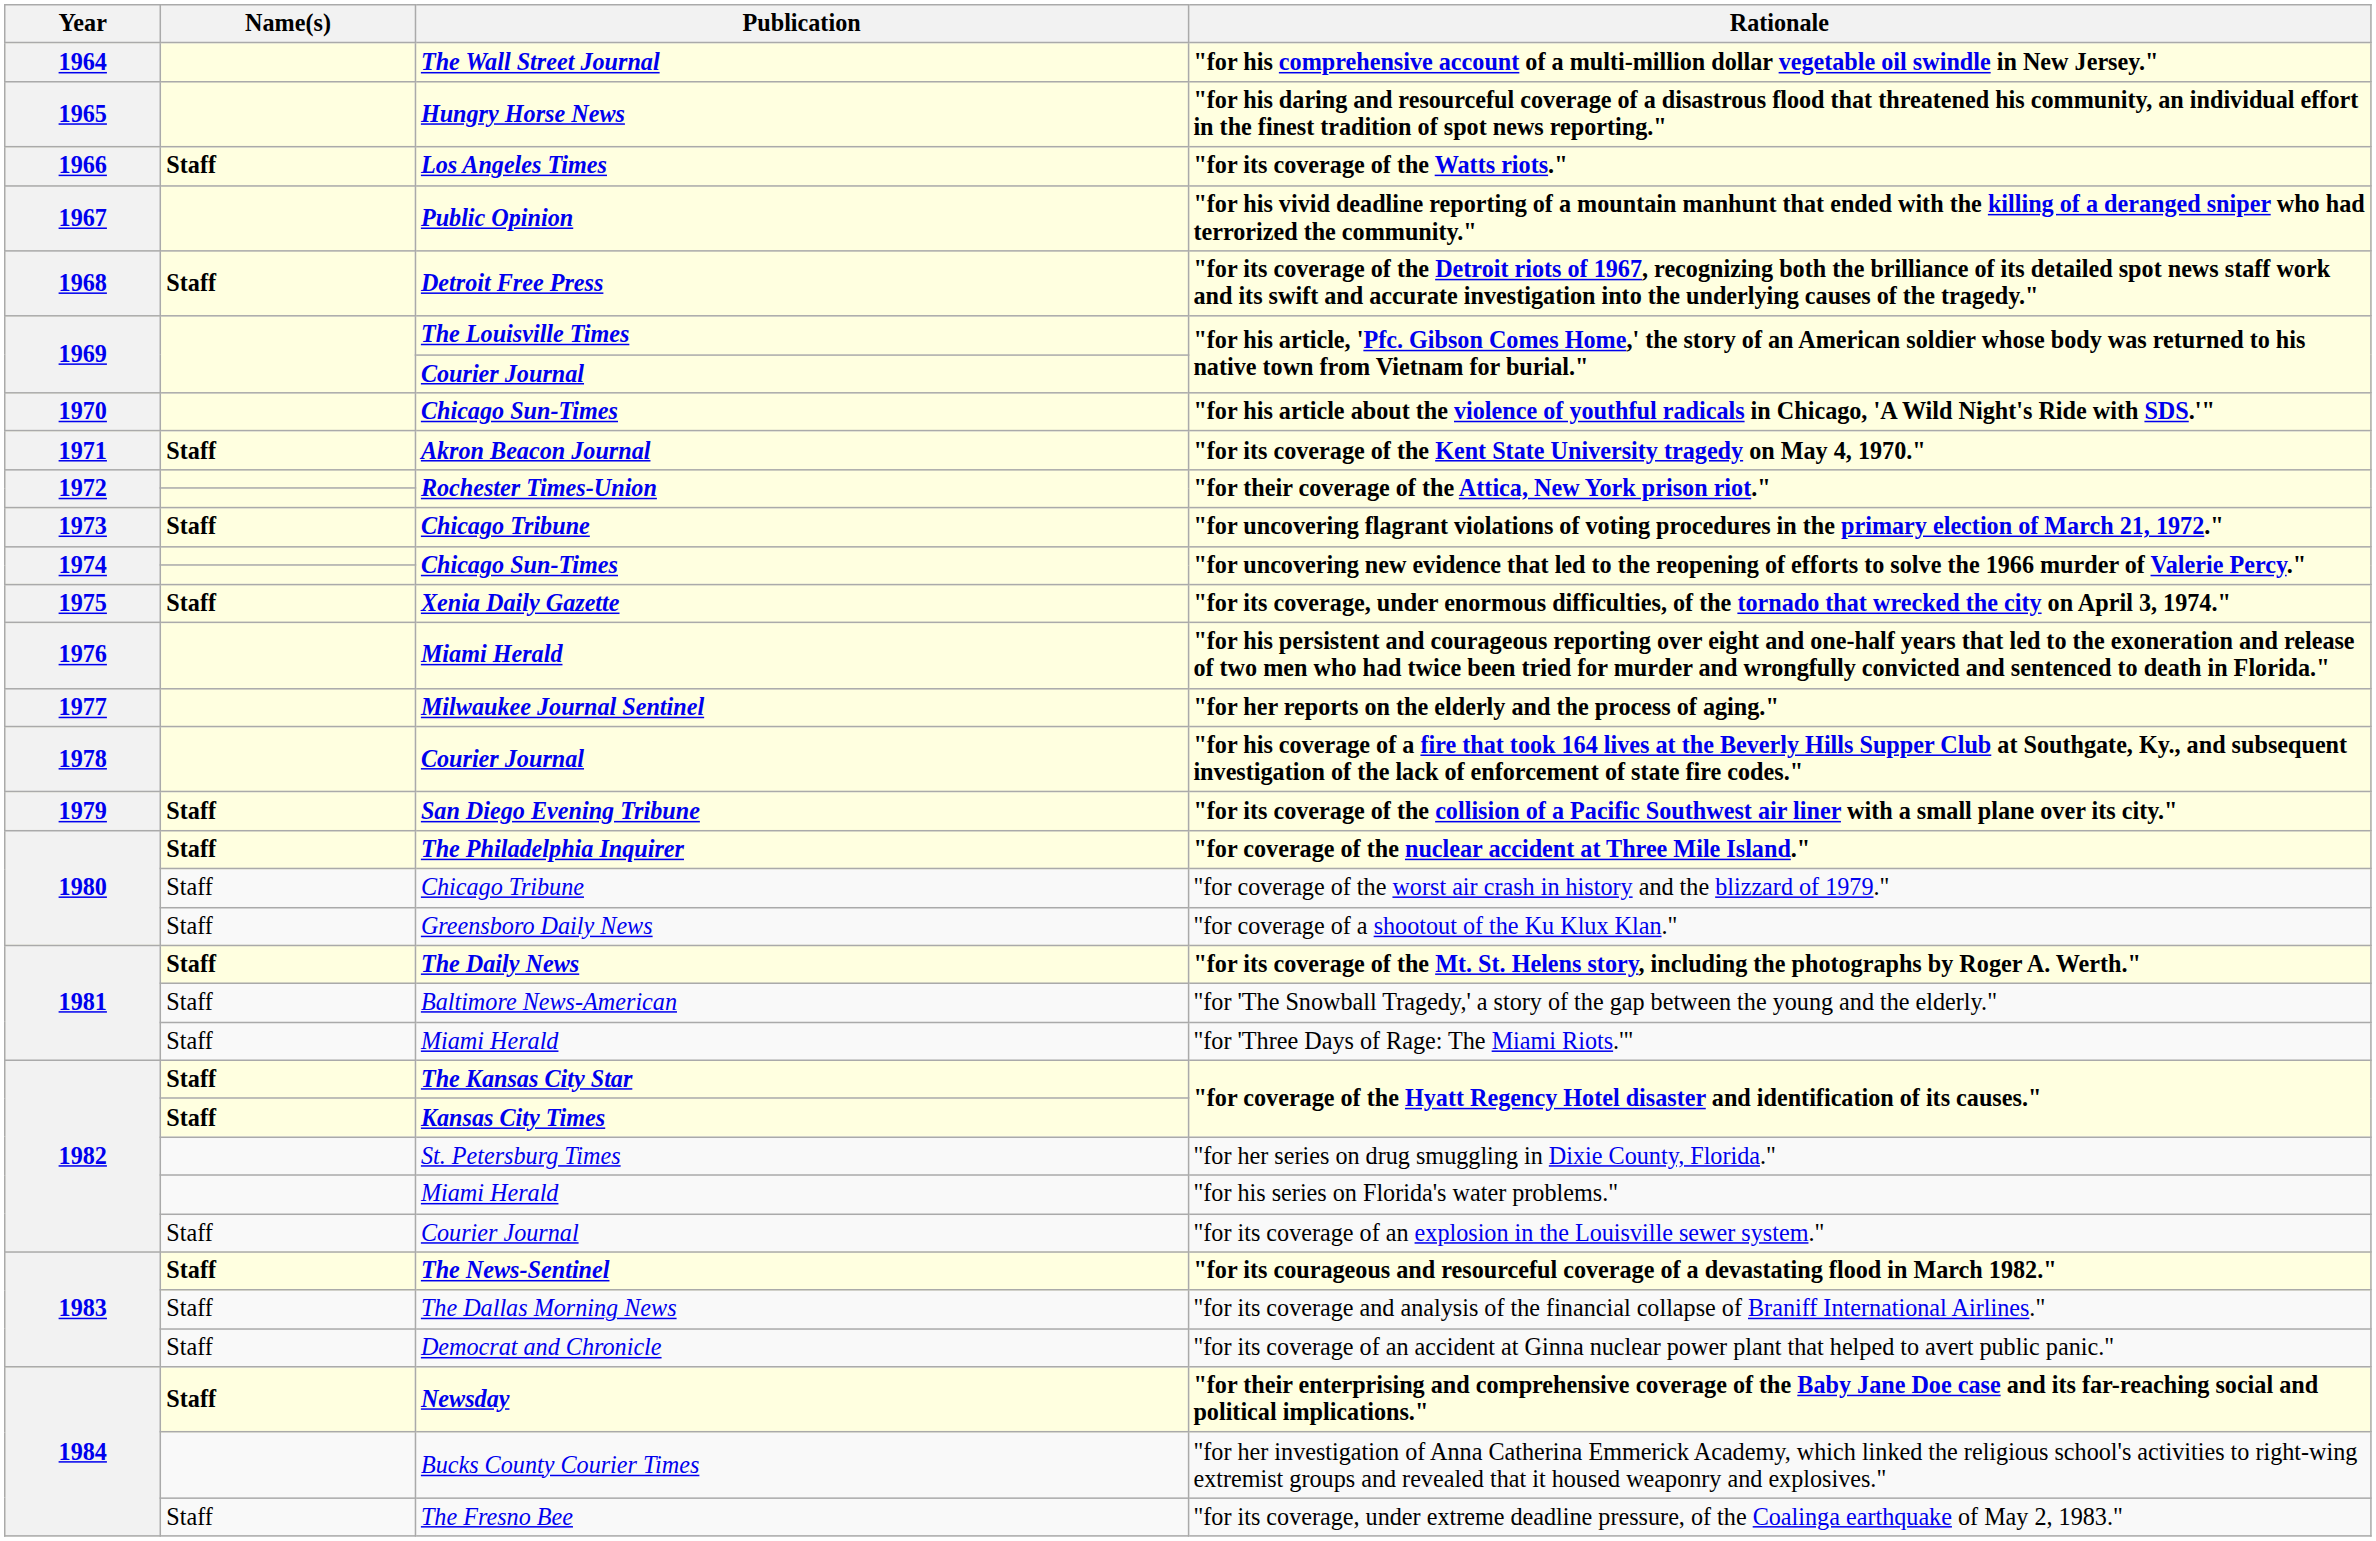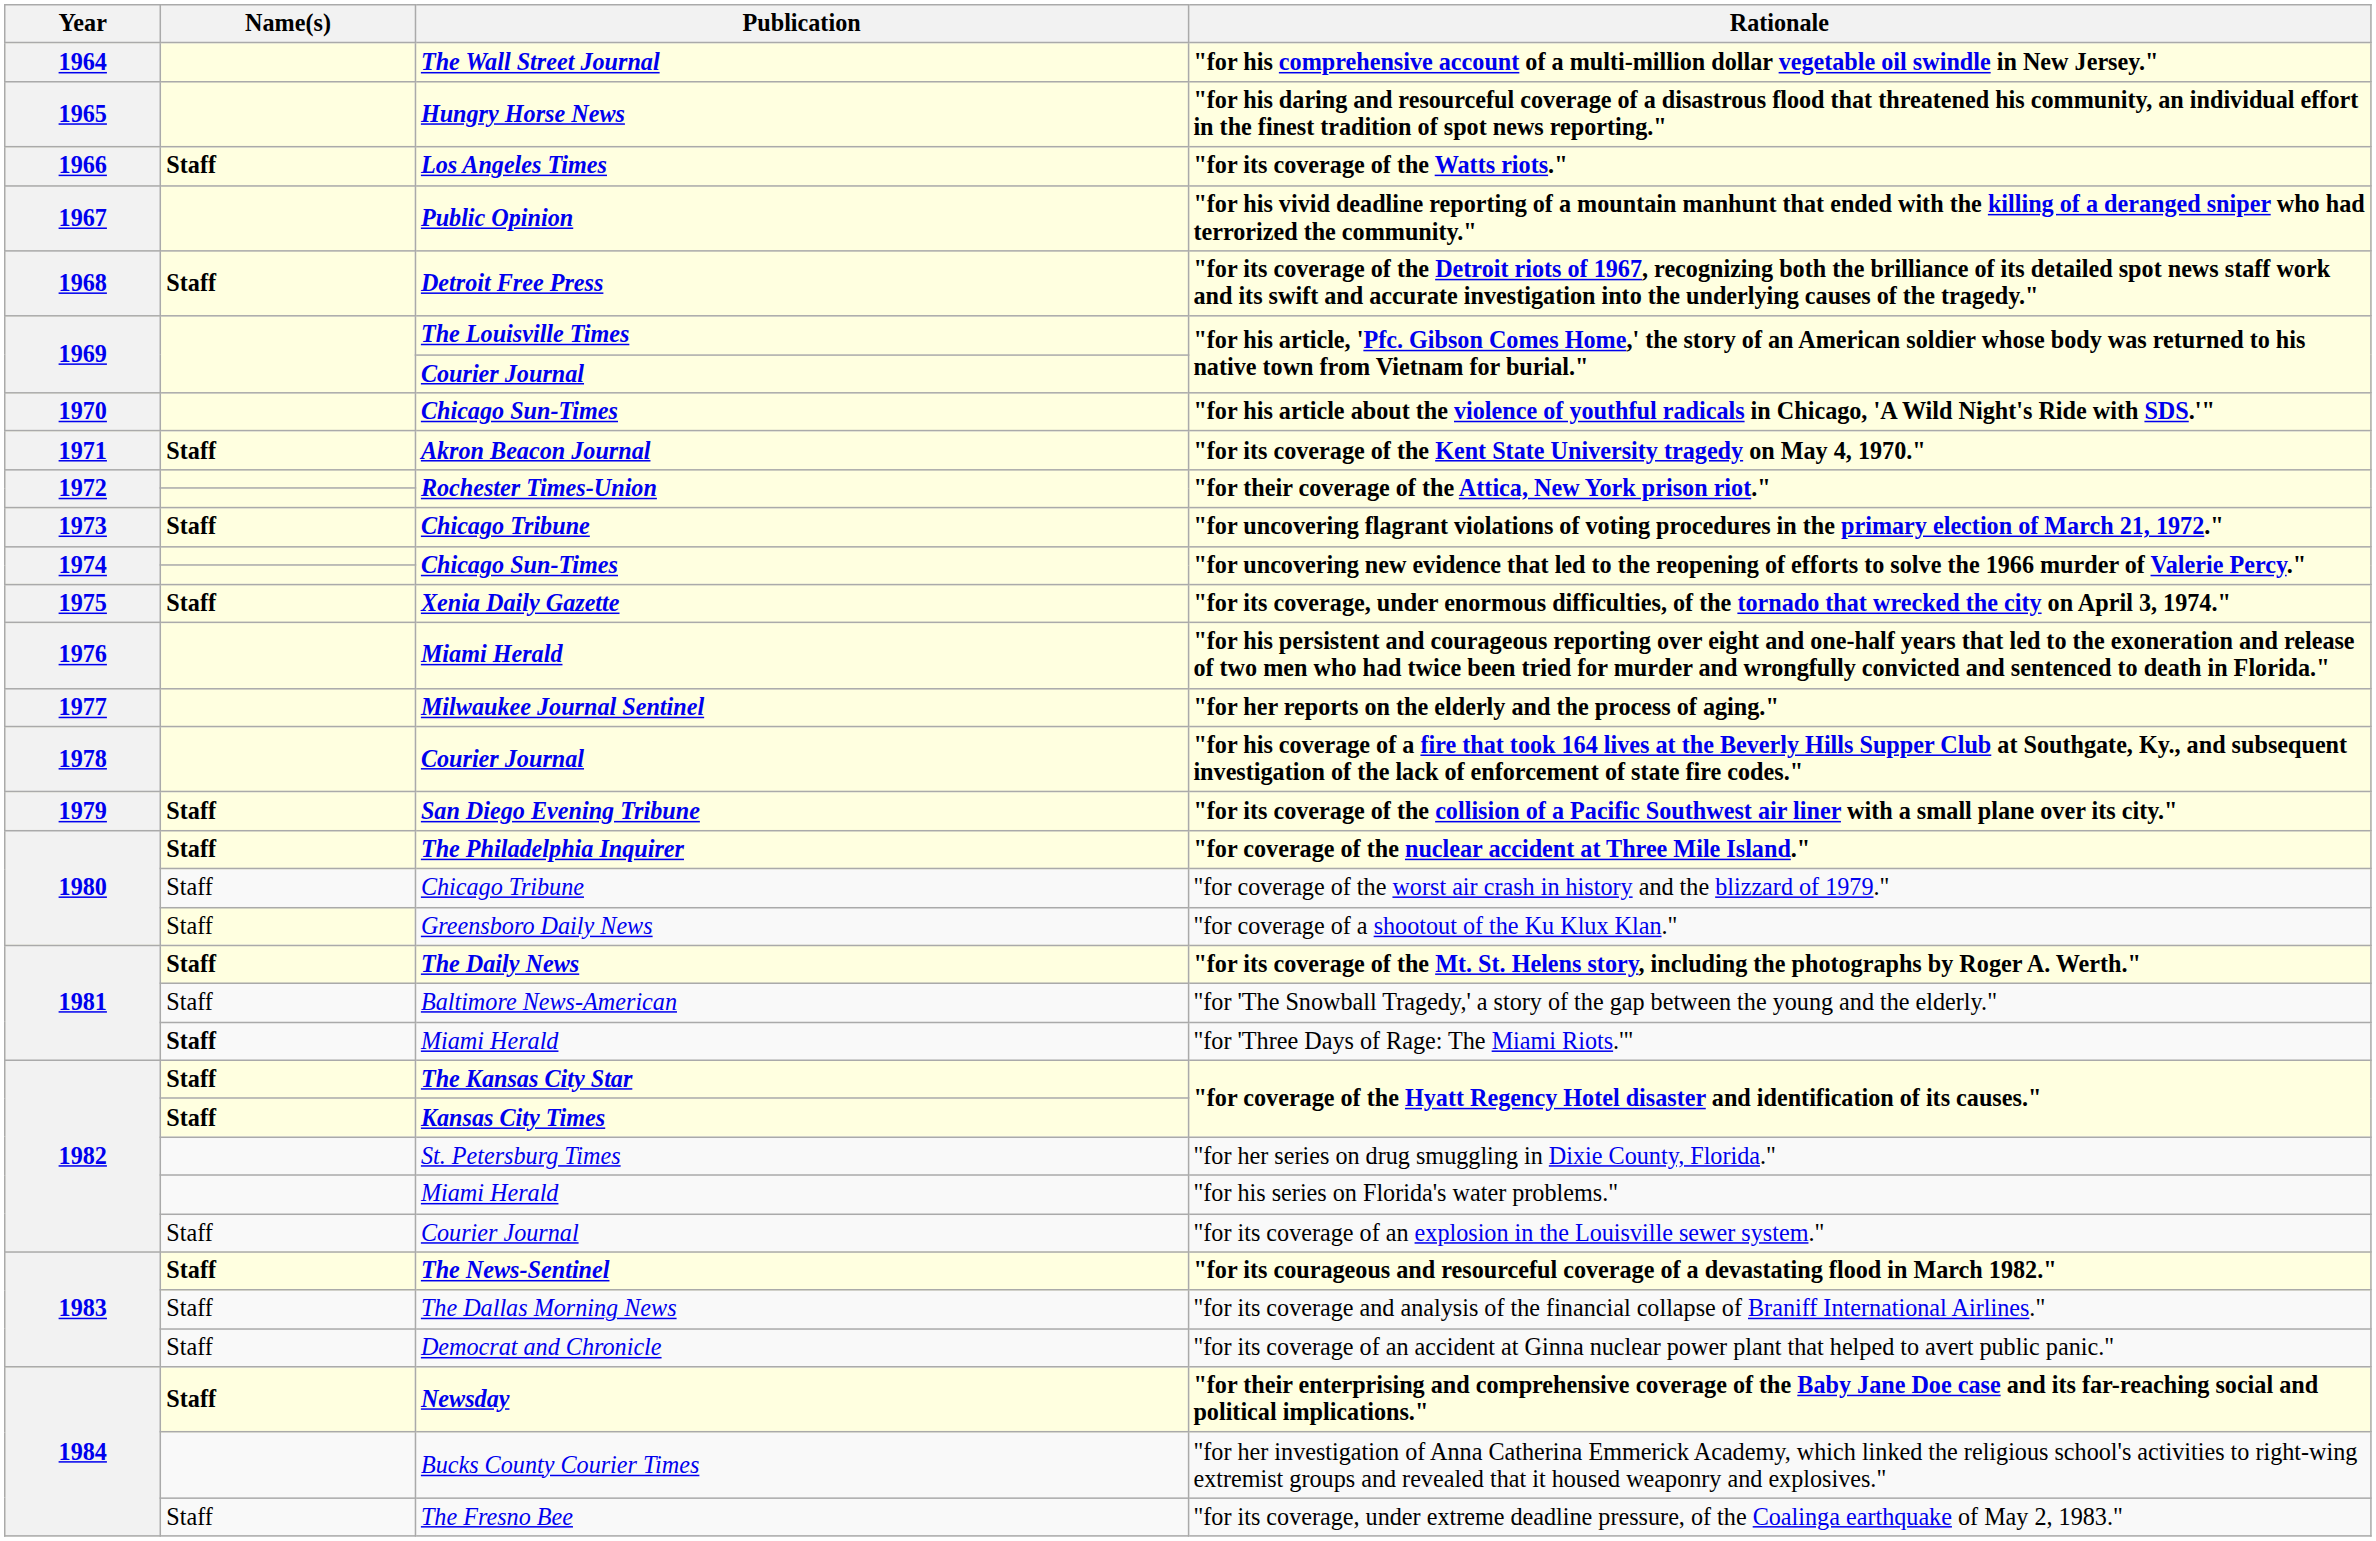 <table class="wikitable sortable">
 <tr style="vertical-align:bottom;">
 <th>Year</th>
 <th>Name(s)</th>
 <th>Publication</th>
 <th width=50%>Rationale</th>
 </tr>
 <tr style="background-color:lightyellow;">
 <th><strong><a href='#'>1964</a></strong></th>
 <td><strong></strong></td>
 <td><strong><em><a href='#'>The Wall Street Journal</a></em></strong></td>
 <td><strong>"for his <a href='#'>comprehensive account</a> of a multi-million dollar <a href='#'>vegetable oil swindle</a> in New Jersey."</strong></td>
 </tr>
 <tr style="background-color:lightyellow;">
 <th><strong><a href='#'>1965</a></strong></th>
 <td><strong></strong></td>
 <td><strong><em><a href='#'>Hungry Horse News</a></em></strong></td>
 <td><strong>"for his daring and resourceful coverage of a disastrous flood that threatened his community, an individual effort in the finest tradition of spot news reporting."</strong></td>
 </tr>
 <tr style="background-color:lightyellow;">
 <th><strong><a href='#'>1966</a></strong></th>
 <td><strong>Staff</strong></td>
 <td><strong><em><a href='#'>Los Angeles Times</a></em></strong></td>
 <td><strong>"for its coverage of the <a href='#'>Watts riots</a>."</strong></td>
 </tr>
 <tr style="background-color:lightyellow;">
 <th><strong><a href='#'>1967</a></strong></th>
 <td><strong></strong></td>
 <td><strong><em><a href='#'>Public Opinion</a></em></strong></td>
 <td><strong>"for his vivid deadline reporting of a mountain manhunt that ended with the <a href='#'>killing of a deranged sniper</a> who had terrorized the community."</strong></td>
 </tr>
 <tr style="background-color:lightyellow;">
 <th><strong><a href='#'>1968</a></strong></th>
 <td><strong>Staff</strong></td>
 <td><strong><em><a href='#'>Detroit Free Press</a></em></strong></td>
 <td><strong>"for its coverage of the <a href='#'>Detroit riots of 1967</a>, recognizing both the brilliance of its detailed spot news staff work and its swift and accurate investigation into the underlying causes of the tragedy."</strong></td>
 </tr>
 <tr style="background-color:lightyellow;">
 <th rowspan=2><strong><a href='#'>1969</a></strong></th>
 <td rowspan=2><strong></strong></td>
 <td><strong><em><a href='#'>The Louisville Times</a></em></strong></td>
 <td rowspan=2><strong>"for his article, '<a href='#'>Pfc. Gibson Comes Home</a>,' the story of an American soldier whose body was returned to his native town from Vietnam for burial."</strong></td>
 </tr>
 <tr style="background-color:lightyellow;">
 <td><strong><em><a href='#'>Courier Journal</a></em></strong></td>
 </tr>
 <tr style="background-color:lightyellow;">
 <th><strong><a href='#'>1970</a></strong></th>
 <td><strong></strong></td>
 <td><strong><em><a href='#'>Chicago Sun-Times</a></em></strong></td>
 <td><strong>"for his article about the <a href='#'>violence of youthful radicals</a> in Chicago, 'A Wild Night's Ride with <a href='#'>SDS</a>.'"</strong></td>
 </tr>
 <tr style="background-color:lightyellow;">
 <th><strong><a href='#'>1971</a></strong></th>
 <td><strong>Staff</strong></td>
 <td><strong><em><a href='#'>Akron Beacon Journal</a></em></strong></td>
 <td><strong>"for its coverage of the <a href='#'>Kent State University tragedy</a> on May 4, 1970."</strong></td>
 </tr>
 <tr style="background-color:lightyellow;">
 <th rowspan=2><strong><a href='#'>1972</a></strong></th>
 <td><strong></strong></td>
 <td rowspan=2><strong><em><a href='#'>Rochester Times-Union</a></em></strong></td>
 <td rowspan=2><strong>"for their coverage of the <a href='#'>Attica, New York prison riot</a>."</strong></td>
 </tr>
 <tr style="background-color:lightyellow;">
 <td><strong></strong></td>
 </tr>
 <tr style="background-color:lightyellow;">
 <th><strong><a href='#'>1973</a></strong></th>
 <td><strong>Staff</strong></td>
 <td><strong><em><a href='#'>Chicago Tribune</a></em></strong></td>
 <td><strong>"for uncovering flagrant violations of voting procedures in the <a href='#'>primary election of March 21, 1972</a>."</strong></td>
 </tr>
 <tr style="background-color:lightyellow;">
 <th rowspan=2><strong><a href='#'>1974</a></strong></th>
 <td><strong></strong></td>
 <td rowspan=2><strong><em><a href='#'>Chicago Sun-Times</a></em></strong></td>
 <td rowspan=2><strong>"for uncovering new evidence that led to the reopening of efforts to solve the 1966 murder of <a href='#'>Valerie Percy</a>."</strong></td>
 </tr>
 <tr style="background-color:lightyellow;">
 <td><strong></strong></td>
 </tr>
 <tr style="background-color:lightyellow;">
 <th><strong><a href='#'>1975</a></strong></th>
 <td><strong>Staff</strong></td>
 <td><strong><em><a href='#'>Xenia Daily Gazette</a></em></strong></td>
 <td><strong>"for its coverage, under enormous difficulties, of the <a href='#'>tornado that wrecked the city</a> on April 3, 1974."</strong></td>
 </tr>
 <tr style="background-color:lightyellow;">
 <th><strong><a href='#'>1976</a></strong></th>
 <td><strong></strong></td>
 <td><strong><em><a href='#'>Miami Herald</a></em></strong></td>
 <td><strong>"for his persistent and courageous reporting over eight and one-half years that led to the exoneration and release of two men who had twice been tried for murder and wrongfully convicted and sentenced to death in Florida."</strong></td>
 </tr>
 <tr style="background-color:lightyellow;">
 <th><strong><a href='#'>1977</a></strong></th>
 <td><strong></strong></td>
 <td><strong><em><a href='#'>Milwaukee Journal Sentinel</a></em></strong></td>
 <td><strong>"for her reports on the elderly and the process of aging."</strong></td>
 </tr>
 <tr style="background-color:lightyellow;">
 <th><strong><a href='#'>1978</a></strong></th>
 <td><strong></strong></td>
 <td><strong><em><a href='#'>Courier Journal</a></em></strong></td>
 <td><strong>"for his coverage of a <a href='#'>fire that took 164 lives at the Beverly Hills Supper Club</a> at Southgate, Ky., and subsequent investigation of the lack of enforcement of state fire codes."</strong></td>
 </tr>
 <tr style="background-color:lightyellow;">
 <th><strong><a href='#'>1979</a></strong></th>
 <td><strong>Staff</strong></td>
 <td><strong><em><a href='#'>San Diego Evening Tribune</a></em></strong></td>
 <td><strong>"for its coverage of the <a href='#'>collision of a Pacific Southwest air liner</a> with a small plane over its city."</strong></td>
 </tr>
 <tr style="background-color:lightyellow;">
 <th rowspan=3><strong><a href='#'>1980</a></strong></th>
 <td><strong>Staff</strong></td>
 <td><strong><em><a href='#'>The Philadelphia Inquirer</a></em></strong></td>
 <td><strong>"for coverage of the <a href='#'>nuclear accident at Three Mile Island</a>."</strong></td>
 </tr>
 <tr>
 <td>Staff</td>
 <td><em><a href='#'>Chicago Tribune</a></em></td>
 <td>"for coverage of the <a href='#'>worst air crash in history</a> and the <a href='#'>blizzard of 1979</a>."</td>
 </tr>
 <tr>
-<td>Staff</td>
+<td style="background: lightyellow;">Staff</td>
 <td><em><a href='#'>Greensboro Daily News</a></em></td>
 <td>"for coverage of a <a href='#'>shootout of the Ku Klux Klan</a>."</td>
 </tr>
 <tr style="background-color:lightyellow;">
 <th rowspan=3><strong><a href='#'>1981</a></strong></th>
 <td><strong>Staff</strong></td>
 <td><strong><em><a href='#'>The Daily News</a></em></strong></td>
 <td><strong>"for its coverage of the <a href='#'>Mt. St. Helens story</a>, including the photographs by Roger A. Werth."</strong></td>
 </tr>
 <tr>
 <td>Staff</td>
 <td><em><a href='#'>Baltimore News-American</a></em></td>
 <td>"for 'The Snowball Tragedy,' a story of the gap between the young and the elderly."</td>
 </tr>
 <tr>
-<td>Staff</td>
+<td><strong>Staff</strong></td>
 <td><em><a href='#'>Miami Herald</a></em></td>
 <td>"for 'Three Days of Rage: The <a href='#'>Miami Riots</a>.'"</td>
 </tr>
 <tr style="background-color:lightyellow;">
 <th rowspan=5><strong><a href='#'>1982</a></strong></th>
 <td><strong>Staff</strong></td>
 <td><strong><em><a href='#'>The Kansas City Star</a></em></strong></td>
 <td rowspan=2><strong>"for coverage of the <a href='#'>Hyatt Regency Hotel disaster</a> and identification of its causes."</strong></td>
 </tr>
 <tr style="background-color:lightyellow;">
 <td><strong>Staff</strong></td>
 <td><strong><em><a href='#'>Kansas City Times</a></em></strong></td>
 </tr>
 <tr>
 <td></td>
 <td><em><a href='#'>St. Petersburg Times</a></em></td>
 <td>"for her series on drug smuggling in <a href='#'>Dixie County, Florida</a>."</td>
 </tr>
 <tr>
 <td></td>
 <td><em><a href='#'>Miami Herald</a></em></td>
 <td>"for his series on Florida's water problems."</td>
 </tr>
 <tr>
 <td>Staff</td>
 <td><em><a href='#'>Courier Journal</a></em></td>
 <td>"for its coverage of an <a href='#'>explosion in the Louisville sewer system</a>."</td>
 </tr>
 <tr style="background-color:lightyellow;">
 <th rowspan=3><strong><a href='#'>1983</a></strong></th>
 <td><strong>Staff</strong></td>
 <td><strong><em><a href='#'>The News-Sentinel</a></em></strong></td>
 <td><strong>"for its courageous and resourceful coverage of a devastating flood in March 1982."</strong></td>
 </tr>
 <tr>
 <td>Staff</td>
 <td><em><a href='#'>The Dallas Morning News</a></em></td>
 <td>"for its coverage and analysis of the financial collapse of <a href='#'>Braniff International Airlines</a>."</td>
 </tr>
 <tr>
 <td>Staff</td>
 <td><em><a href='#'>Democrat and Chronicle</a></em></td>
 <td>"for its coverage of an accident at Ginna nuclear power plant that helped to avert public panic."</td>
 </tr>
 <tr style="background-color:lightyellow;">
 <th rowspan=3><strong><a href='#'>1984</a></strong></th>
 <td><strong>Staff</strong></td>
 <td><strong><em><a href='#'>Newsday</a></em></strong></td>
 <td><strong>"for their enterprising and comprehensive coverage of the <a href='#'>Baby Jane Doe case</a> and its far-reaching social and political implications."</strong></td>
 </tr>
 <tr>
 <td></td>
 <td><em><a href='#'>Bucks County Courier Times</a></em></td>
 <td>"for her investigation of Anna Catherina Emmerick Academy, which linked the religious school's activities to right-wing extremist groups and revealed that it housed weaponry and explosives."</td>
 </tr>
 <tr>
 <td>Staff</td>
 <td><em><a href='#'>The Fresno Bee</a></em></td>
 <td>"for its coverage, under extreme deadline pressure, of the <a href='#'>Coalinga earthquake</a> of May 2, 1983."</td>
 </tr>
 </table>
